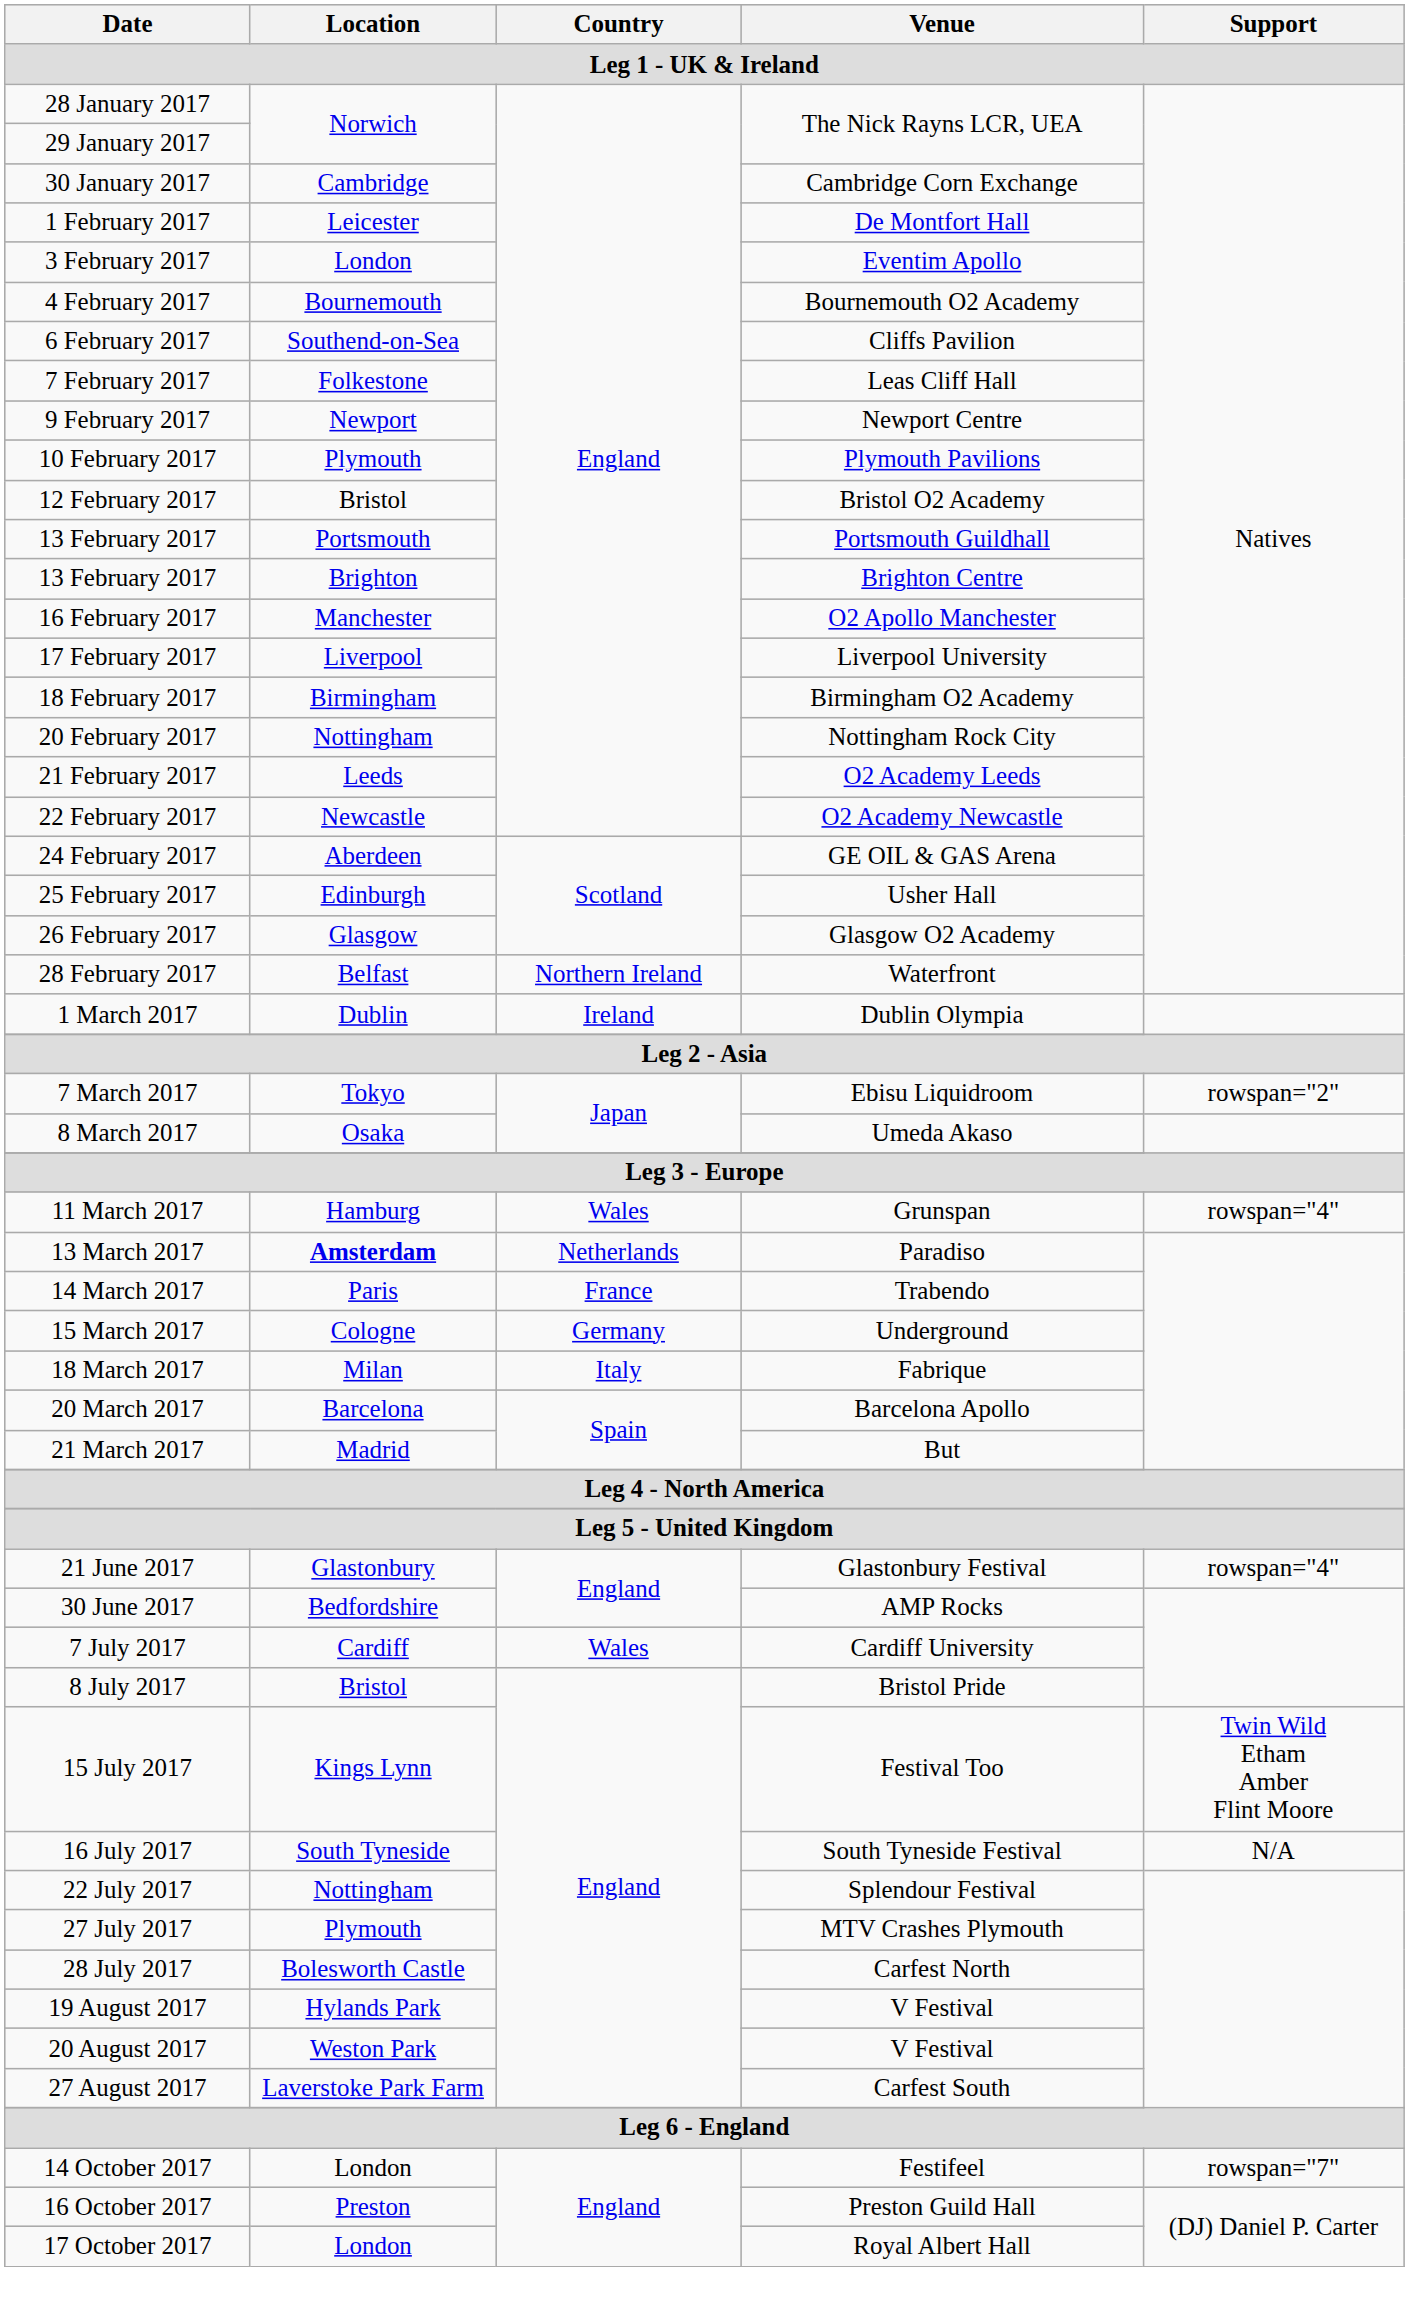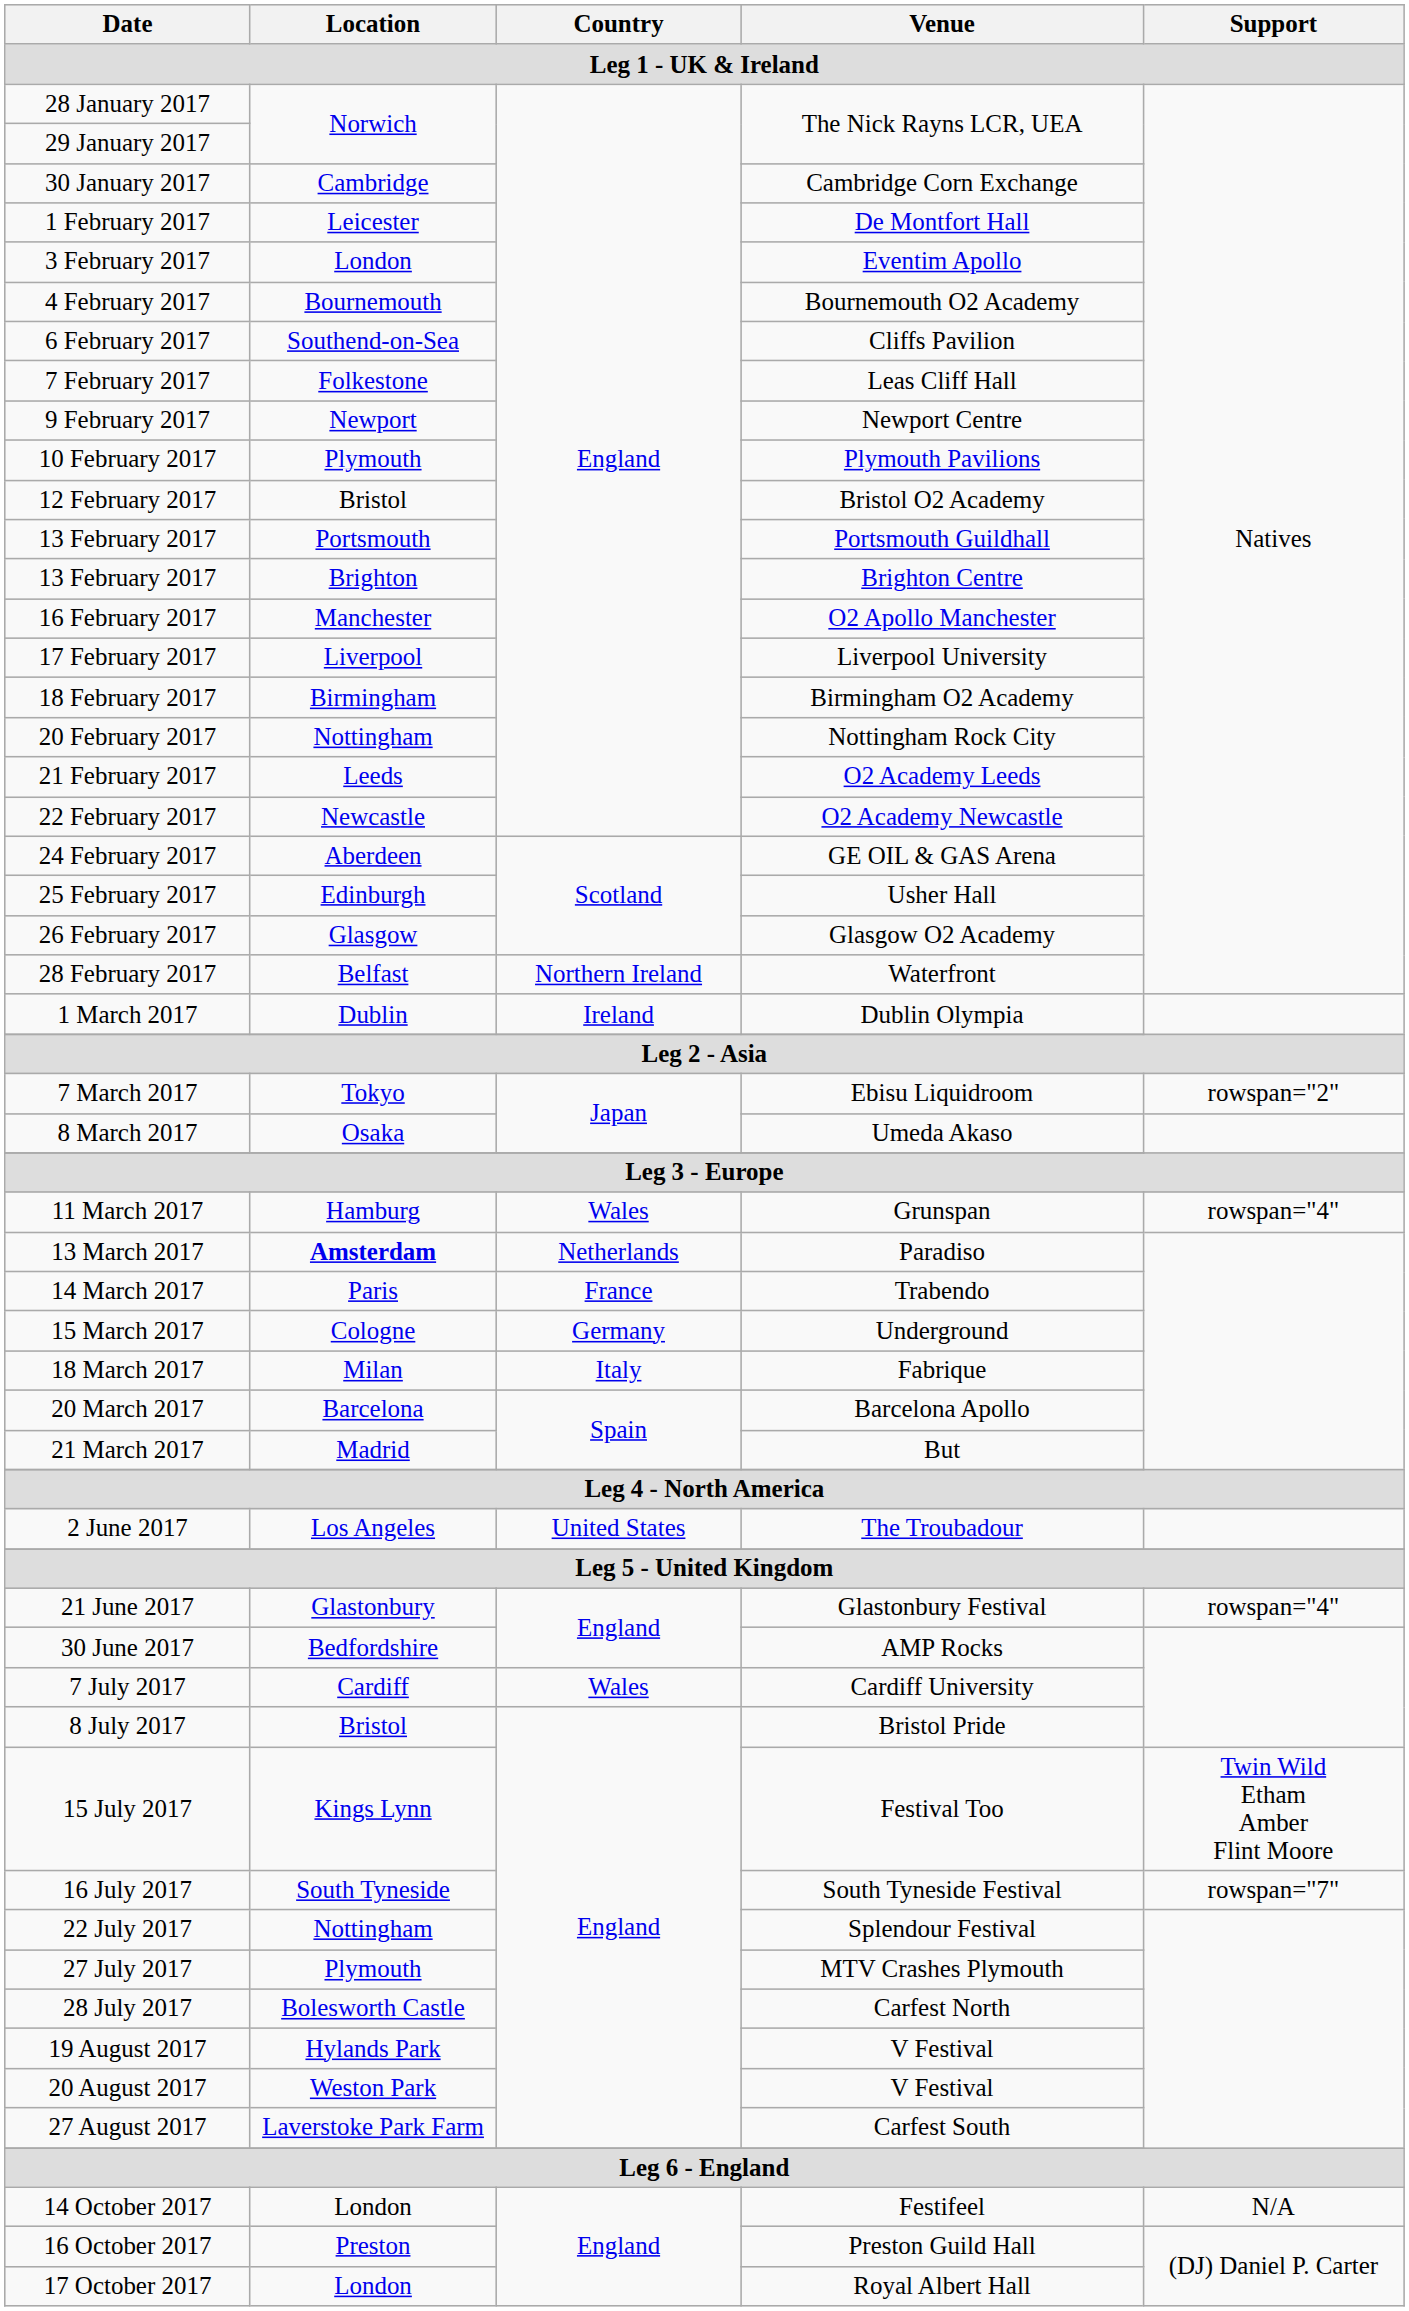 <table class="wikitable" style="text-align:center">
 <tr>
 <th style="width:150px;">Date</th>
 <th style="width:150px;">Location</th>
 <th style="width:150px;">Country</th>
 <th style="width:250px;">Venue</th>
 <th scope="col" style="width:10em;">Support</th>
 </tr>
 <tr style="background:#ddd;">
 <td colspan="5"><strong>Leg 1 - UK & Ireland</strong></td>
 </tr>
 <tr>
 <td>28 January 2017</td>
 <td rowspan="2"><a href='#'>Norwich</a></td>
 <td rowspan="19"><a href='#'>England</a></td>
 <td rowspan="2">The Nick Rayns LCR, UEA</td>
 <td rowspan="23">Natives</td>
 </tr>
 <tr>
 <td>29 January 2017</td>
 </tr>
 <tr>
 <td>30 January 2017</td>
 <td><a href='#'>Cambridge</a></td>
 <td>Cambridge Corn Exchange</td>
 </tr>
 <tr>
 <td>1 February 2017</td>
 <td><a href='#'>Leicester</a></td>
 <td><a href='#'>De Montfort Hall</a></td>
 </tr>
 <tr>
 <td>3 February 2017</td>
 <td><a href='#'>London</a></td>
 <td><a href='#'>Eventim Apollo</a></td>
 </tr>
 <tr>
 <td>4 February 2017</td>
 <td><a href='#'>Bournemouth</a></td>
 <td>Bournemouth O2 Academy</td>
 </tr>
 <tr>
 <td>6 February 2017</td>
 <td><a href='#'>Southend-on-Sea</a></td>
 <td>Cliffs Pavilion</td>
 </tr>
 <tr>
 <td>7 February 2017</td>
 <td><a href='#'>Folkestone</a></td>
 <td>Leas Cliff Hall</td>
 </tr>
 <tr>
 <td>9 February 2017</td>
 <td><a href='#'>Newport</a></td>
 <td>Newport Centre</td>
 </tr>
 <tr>
 <td>10 February 2017</td>
 <td><a href='#'>Plymouth</a></td>
 <td><a href='#'>Plymouth Pavilions</a></td>
 </tr>
 <tr>
 <td>12 February 2017</td>
 <td>Bristol</td>
 <td>Bristol O2 Academy</td>
 </tr>
 <tr>
 <td>13 February 2017</td>
 <td><a href='#'>Portsmouth</a></td>
 <td><a href='#'>Portsmouth Guildhall</a></td>
 </tr>
 <tr>
 <td>13 February 2017</td>
 <td><a href='#'>Brighton</a></td>
 <td><a href='#'>Brighton Centre</a></td>
 </tr>
 <tr>
 <td>16 February 2017</td>
 <td><a href='#'>Manchester</a></td>
 <td><a href='#'>O2 Apollo Manchester</a></td>
 </tr>
 <tr>
 <td>17 February 2017</td>
 <td><a href='#'>Liverpool</a></td>
 <td>Liverpool University</td>
 </tr>
 <tr>
 <td>18 February 2017</td>
 <td><a href='#'>Birmingham</a></td>
 <td>Birmingham O2 Academy</td>
 </tr>
 <tr>
 <td>20 February 2017</td>
 <td><a href='#'>Nottingham</a></td>
 <td>Nottingham Rock City</td>
 </tr>
 <tr>
 <td>21 February 2017</td>
 <td><a href='#'>Leeds</a></td>
 <td><a href='#'>O2 Academy Leeds</a></td>
 </tr>
 <tr>
 <td>22 February 2017</td>
 <td><a href='#'>Newcastle</a></td>
 <td><a href='#'>O2 Academy Newcastle</a></td>
 </tr>
 <tr>
 <td>24 February 2017</td>
 <td><a href='#'>Aberdeen</a></td>
 <td rowspan="3"><a href='#'>Scotland</a></td>
 <td>GE OIL & GAS Arena</td>
 </tr>
 <tr>
 <td>25 February 2017</td>
 <td><a href='#'>Edinburgh</a></td>
 <td>Usher Hall</td>
 </tr>
 <tr>
 <td>26 February 2017</td>
 <td><a href='#'>Glasgow</a></td>
 <td>Glasgow O2 Academy</td>
 </tr>
 <tr>
 <td>28 February 2017</td>
 <td><a href='#'>Belfast</a></td>
 <td><a href='#'>Northern Ireland</a></td>
 <td>Waterfront</td>
 </tr>
 <tr>
 <td>1 March 2017</td>
 <td><a href='#'>Dublin</a></td>
 <td><a href='#'>Ireland</a></td>
 <td>Dublin Olympia</td>
 </tr>
 <tr>
 </tr>
 <tr style="background:#ddd;">
 <td colspan="5"><strong>Leg 2 - Asia</strong></td>
 </tr>
 <tr>
 <td>7 March 2017</td>
 <td><a href='#'>Tokyo</a></td>
 <td rowspan="2"><a href='#'>Japan</a></td>
 <td>Ebisu Liquidroom</td>
 <td>rowspan="2" </td>
 </tr>
 <tr>
 <td>8 March 2017</td>
 <td><a href='#'>Osaka</a></td>
 <td>Umeda Akaso</td>
 </tr>
 <tr>
 </tr>
 <tr style="background:#ddd;">
 <td colspan="5"><strong>Leg 3 - Europe</strong></td>
 </tr>
 <tr>
 <td>11 March 2017</td>
 <td><a href='#'>Hamburg</a></td>
 <td><a href='#'>Wales</a></td>
 <td>Grunspan</td>
 <td>rowspan="4" </td>
 </tr>
 <tr>
 <td>13 March 2017</td>
 <td><strong><a href='#'>Amsterdam</a></strong></td>
 <td><a href='#'>Netherlands</a></td>
 <td>Paradiso</td>
 </tr>
 <tr>
 <td>14 March 2017</td>
 <td><a href='#'>Paris</a></td>
 <td><a href='#'>France</a></td>
 <td>Trabendo</td>
 </tr>
 <tr>
 <td>15 March 2017</td>
 <td><a href='#'>Cologne</a></td>
 <td><a href='#'>Germany</a></td>
 <td>Underground</td>
 </tr>
 <tr>
 <td>18 March 2017</td>
 <td><a href='#'>Milan</a></td>
 <td><a href='#'>Italy</a></td>
 <td>Fabrique</td>
 </tr>
 <tr>
 <td>20 March 2017</td>
 <td><a href='#'>Barcelona</a></td>
 <td rowspan="2"><a href='#'>Spain</a></td>
 <td>Barcelona Apollo</td>
 </tr>
 <tr>
 <td>21 March 2017</td>
 <td><a href='#'>Madrid</a></td>
 <td>But</td>
 </tr>
 <tr>
 </tr>
 <tr style="background:#ddd;">
 <td colspan="5"><strong>Leg 4 - North America</strong></td>
 </tr>
 <tr>
+<td>2 June 2017</td>
+<td><a href='#'>Los Angeles </a></td>
+<td><a href='#'>United States</a></td>
+<td><a href='#'>The Troubadour</a></td>
+<td></td>
+</tr>
+<tr>
 </tr>
 <tr style="background:#ddd;">
 <td colspan="5"><strong>Leg 5 - United Kingdom</strong></td>
 </tr>
 <tr>
 <td>21 June 2017</td>
 <td><a href='#'>Glastonbury </a></td>
 <td rowspan="2"><a href='#'>England</a></td>
 <td>Glastonbury Festival</td>
 <td>rowspan="4" </td>
 </tr>
 <tr>
 <td>30 June 2017</td>
 <td><a href='#'>Bedfordshire </a></td>
 <td>AMP Rocks</td>
 </tr>
 <tr>
 <td>7 July 2017</td>
 <td><a href='#'>Cardiff </a></td>
 <td><a href='#'>Wales</a></td>
 <td>Cardiff University</td>
 </tr>
 <tr>
 <td>8 July 2017</td>
 <td><a href='#'>Bristol </a></td>
 <td rowspan="9"><a href='#'>England</a></td>
 <td>Bristol Pride</td>
 </tr>
 <tr>
 <td>15 July 2017</td>
 <td><a href='#'>Kings Lynn </a></td>
 <td>Festival Too</td>
 <td><a href='#'>Twin Wild</a><br>Etham<br>Amber<br>Flint Moore</td>
 </tr>
 <tr>
 <td>16 July 2017</td>
 <td><a href='#'>South Tyneside </a></td>
 <td>South Tyneside Festival</td>
-<td>N/A</td>
+<td>rowspan="7" </td>
 </tr>
 <tr>
 <td>22 July 2017</td>
 <td><a href='#'>Nottingham </a></td>
 <td>Splendour Festival</td>
 </tr>
 <tr>
 <td>27 July 2017</td>
 <td><a href='#'>Plymouth </a></td>
 <td>MTV Crashes Plymouth</td>
 </tr>
 <tr>
 <td>28 July 2017</td>
 <td><a href='#'>Bolesworth Castle </a></td>
 <td>Carfest North</td>
 </tr>
 <tr>
 <td>19 August 2017</td>
 <td><a href='#'>Hylands Park </a></td>
 <td>V Festival</td>
 </tr>
 <tr>
 <td>20 August 2017</td>
 <td><a href='#'>Weston Park </a></td>
 <td>V Festival</td>
 </tr>
 <tr>
 <td>27 August 2017</td>
 <td><a href='#'>Laverstoke Park Farm </a></td>
 <td>Carfest South</td>
 </tr>
 <tr>
 </tr>
 <tr style="background:#ddd;">
 <td colspan="5"><strong>Leg 6 - England</strong></td>
 </tr>
 <tr>
 <td>14 October 2017</td>
 <td>London</td>
 <td rowspan="3"><a href='#'>England</a></td>
 <td>Festifeel</td>
-<td>rowspan="7" </td>
+<td>N/A</td>
 </tr>
 <tr>
 <td>16 October 2017</td>
 <td><a href='#'>Preston</a></td>
 <td>Preston Guild Hall</td>
 <td rowspan="2">(DJ) Daniel P. Carter</td>
 </tr>
 <tr>
 <td>17 October 2017</td>
 <td><a href='#'>London </a></td>
 <td>Royal Albert Hall</td>
 </tr>
 </table>
